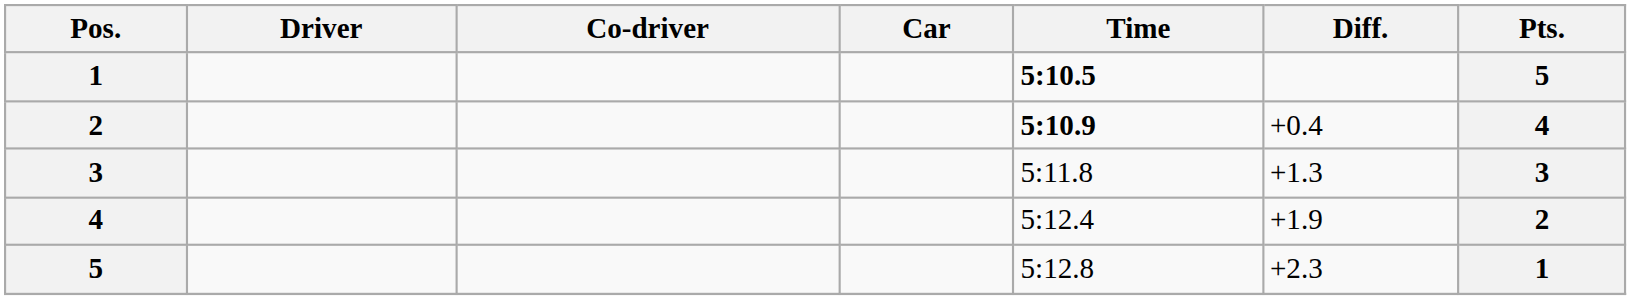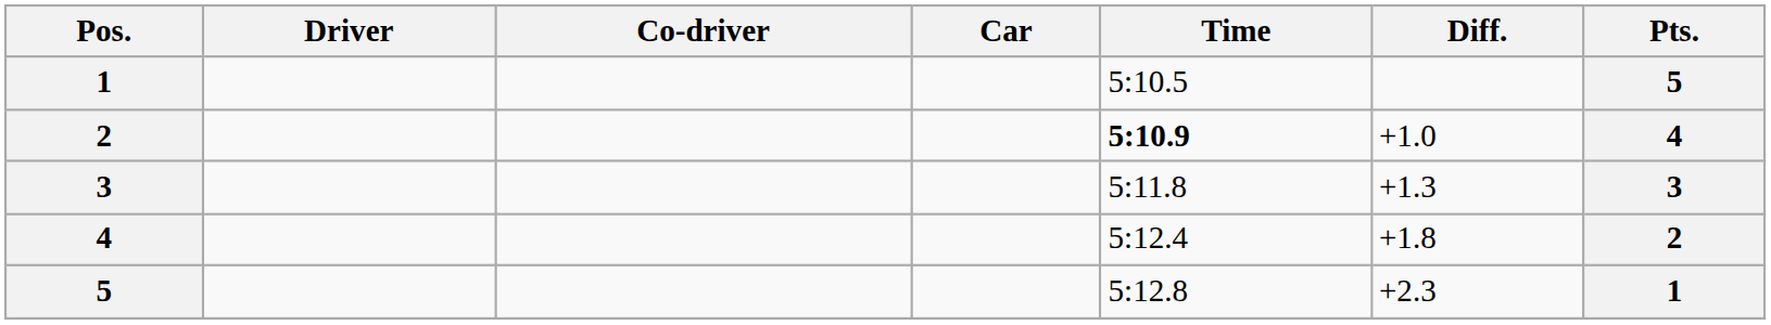 <table class="wikitable" width=60% style="font-size: 85%;">
 <tr>
 <th>Pos.</th>
 <th>Driver</th>
 <th>Co-driver</th>
 <th>Car</th>
 <th>Time</th>
 <th>Diff.</th>
 <th>Pts.</th>
 </tr>
 <tr>
 <th>1</th>
 <td></td>
 <td></td>
 <td></td>
-<td><strong>5:10.5</strong></td>
+<td>5:10.5</td>
 <td></td>
 <th>5</th>
 </tr>
 <tr>
 <th>2</th>
 <td></td>
 <td></td>
 <td></td>
 <td><strong>5:10.9</strong></td>
-<td>+0.4</td>
+<td>+1.0</td>
 <th>4</th>
 </tr>
 <tr>
 <th>3</th>
 <td></td>
 <td></td>
 <td></td>
 <td>5:11.8</td>
 <td>+1.3</td>
 <th>3</th>
 </tr>
 <tr>
 <th>4</th>
 <td></td>
 <td></td>
 <td></td>
 <td>5:12.4</td>
-<td>+1.9</td>
+<td>+1.8</td>
 <th>2</th>
 </tr>
 <tr>
 <th>5</th>
 <td></td>
 <td></td>
 <td></td>
 <td>5:12.8</td>
 <td>+2.3</td>
 <th>1</th>
 </tr>
 <tr>
 </tr>
 </table>
